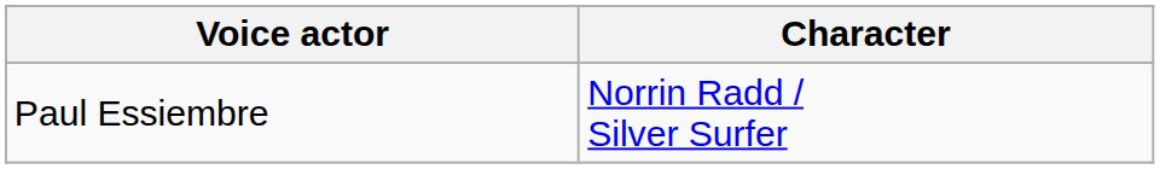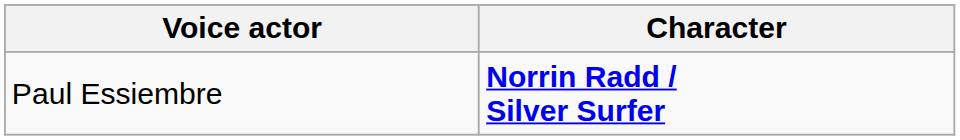 <table class="wikitable" style="width:40%;">
 <tr>
 <th style="width:50%;">Voice actor</th>
 <th style="width:50%;">Character</th>
 </tr>
 <tr>
 <td>Paul Essiembre</td>
-<td><a href='#'>Norrin Radd /<br> Silver Surfer</a></td>
+<td><strong><a href='#'>Norrin Radd /<br> Silver Surfer</a></strong></td>
 </tr>
 </table>
